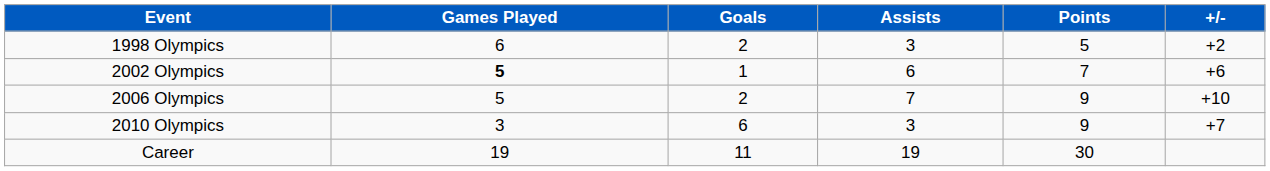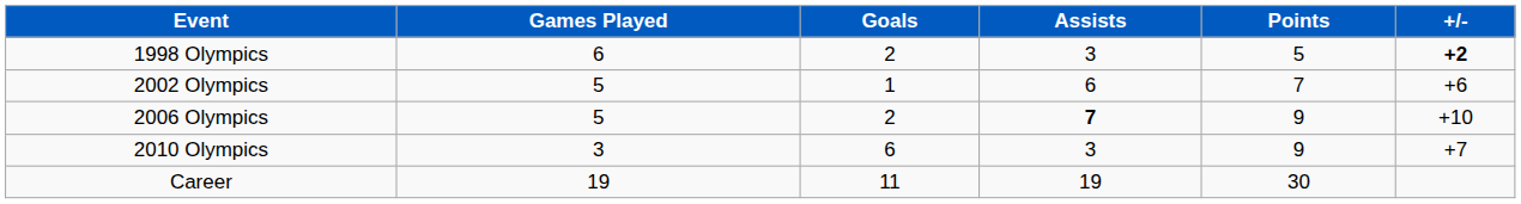 <table class="wikitable" width="60%">
 <tr align="center" style="background:#005ac0;color:#FFFFFF;">
 <td><strong>Event</strong></td>
 <td><strong>Games Played</strong></td>
 <td><strong>Goals</strong></td>
 <td><strong>Assists</strong></td>
 <td><strong>Points</strong></td>
 <td><strong>+/-</strong></td>
 </tr>
 <tr align="center" bgcolor="">
 <td>1998 Olympics</td>
 <td>6</td>
 <td>2</td>
 <td>3</td>
 <td>5</td>
-<td>+2</td>
+<td><strong>+2</strong></td>
 </tr>
 <tr align="center" bgcolor="">
 <td>2002 Olympics</td>
-<td><strong>5</strong></td>
+<td>5</td>
 <td>1</td>
 <td>6</td>
 <td>7</td>
 <td>+6</td>
 </tr>
 <tr align="center" bgcolor="">
 <td>2006 Olympics</td>
 <td>5</td>
 <td>2</td>
-<td>7</td>
+<td><strong>7</strong></td>
 <td>9</td>
 <td>+10</td>
 </tr>
 <tr align="center" bgcolor="">
 <td>2010 Olympics</td>
 <td>3</td>
 <td>6</td>
 <td>3</td>
 <td>9</td>
 <td>+7</td>
 </tr>
 <tr align="center" bgcolor="">
 <td>Career</td>
 <td>19</td>
 <td>11</td>
 <td>19</td>
 <td>30</td>
 </tr>
 </table>
